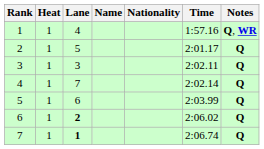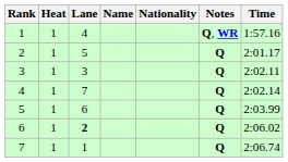 <table class="wikitable sortable" style="text-align:center">
 <tr>
 <th>Rank</th>
 <th>Heat</th>
 <th>Lane</th>
 <th>Name</th>
 <th>Nationality</th>
+<th>Notes</th>
 <th>Time</th>
-<th>Notes</th>
 </tr>
 <tr bgcolor=ccffcc>
 <td>1</td>
 <td>1</td>
 <td>4</td>
 <td align=left></td>
 <td align=left></td>
+<td><strong>Q</strong>, <strong><a href='#'>WR</a></strong></td>
 <td>1:57.16</td>
-<td><strong>Q</strong>, <strong><a href='#'>WR</a></strong></td>
 </tr>
 <tr bgcolor=ccffcc>
 <td>2</td>
 <td>1</td>
 <td>5</td>
 <td align=left></td>
 <td align=left></td>
+<td><strong>Q</strong></td>
 <td>2:01.17</td>
-<td><strong>Q</strong></td>
 </tr>
 <tr bgcolor=ccffcc>
 <td>3</td>
 <td>1</td>
 <td>3</td>
 <td align=left></td>
 <td align=left></td>
+<td><strong>Q</strong></td>
 <td>2:02.11</td>
-<td><strong>Q</strong></td>
 </tr>
 <tr bgcolor=ccffcc>
 <td>4</td>
 <td>1</td>
 <td>7</td>
 <td align=left></td>
 <td align=left></td>
+<td><strong>Q</strong></td>
 <td>2:02.14</td>
-<td><strong>Q</strong></td>
 </tr>
 <tr bgcolor=ccffcc>
 <td>5</td>
 <td>1</td>
 <td>6</td>
 <td align=left></td>
 <td align=left></td>
+<td><strong>Q</strong></td>
 <td>2:03.99</td>
-<td><strong>Q</strong></td>
 </tr>
 <tr bgcolor=ccffcc>
 <td>6</td>
 <td>1</td>
 <td><strong>2</strong></td>
 <td align=left></td>
 <td align=left></td>
+<td><strong>Q</strong></td>
 <td>2:06.02</td>
-<td><strong>Q</strong></td>
 </tr>
 <tr bgcolor=ccffcc>
 <td>7</td>
 <td>1</td>
-<td><strong>1</strong></td>
+<td>1</td>
 <td align=left></td>
 <td align=left></td>
+<td><strong>Q</strong></td>
 <td>2:06.74</td>
-<td><strong>Q</strong></td>
 </tr>
 </table>
